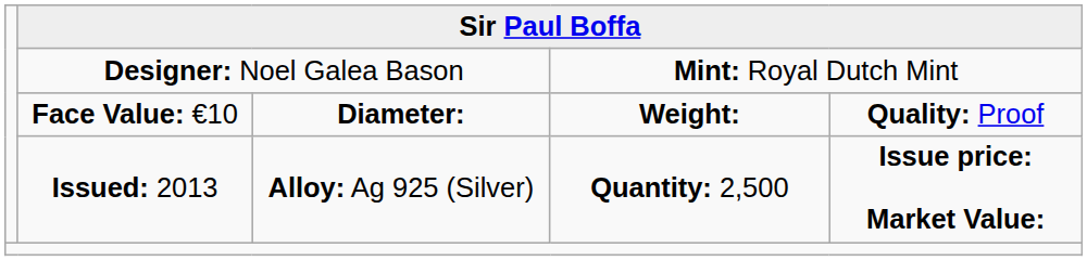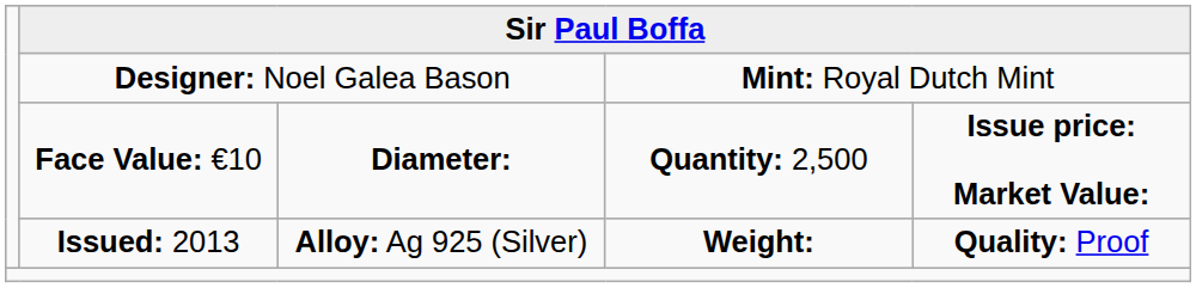 <table class="wikitable" width=100%>
 <tr>
 <td rowspan=4 width="330px" nowrap align=center></td>
 <th colspan="4" align=center style="background:#eeeeee;">Sir <a href='#'>Paul Boffa</a></th>
 </tr>
 <tr>
 <td colspan="2" width="50%" align=center><strong>Designer:</strong> Noel Galea Bason</td>
 <td colspan="2" width="50%" align=center><strong>Mint:</strong> Royal Dutch Mint</td>
 </tr>
 <tr>
 <td align=center><strong>Face Value:</strong> €10</td>
 <td align=center><strong>Diameter:</strong> </td>
-<td align=center><strong>Weight:</strong> </td>
-<td align=center><strong>Quality:</strong> <a href='#'>Proof</a></td>
+<td align=center><strong>Quantity:</strong> 2,500</td>
+<td align=center><strong>Issue price:</strong><br><br> <strong>Market Value:</strong></td>
 </tr>
 <tr>
 <td align=center><strong>Issued:</strong> 2013</td>
 <td align=center><strong>Alloy:</strong> Ag 925 (Silver)</td>
-<td align=center><strong>Quantity:</strong> 2,500</td>
-<td align=center><strong>Issue price:</strong><br><br> <strong>Market Value:</strong></td>
+<td align=center><strong>Weight:</strong> </td>
+<td align=center><strong>Quality:</strong> <a href='#'>Proof</a></td>
 </tr>
 <tr>
 <td colspan="5" align=left></td>
 </tr>
 </table>
